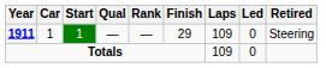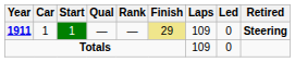 <table class="wikitable" style="text-align:center">
 <tr>
 <th>Year</th>
 <th>Car</th>
 <th>Start</th>
 <th>Qual</th>
 <th>Rank</th>
 <th>Finish</th>
 <th>Laps</th>
 <th>Led</th>
 <th>Retired</th>
 </tr>
 <tr>
 <th><a href='#'>1911</a></th>
 <td>1</td>
 <td style="background:green;color:white">1</td>
 <td>—</td>
 <td>—</td>
-<td>29</td>
+<td style="background: khaki;">29</td>
 <td>109</td>
 <td>0</td>
-<td>Steering</td>
+<td><strong>Steering</strong></td>
 </tr>
 <tr>
 <td colspan=6><strong>Totals</strong></td>
 <td>109</td>
 <td>0</td>
 <td></td>
 </tr>
 </table>
